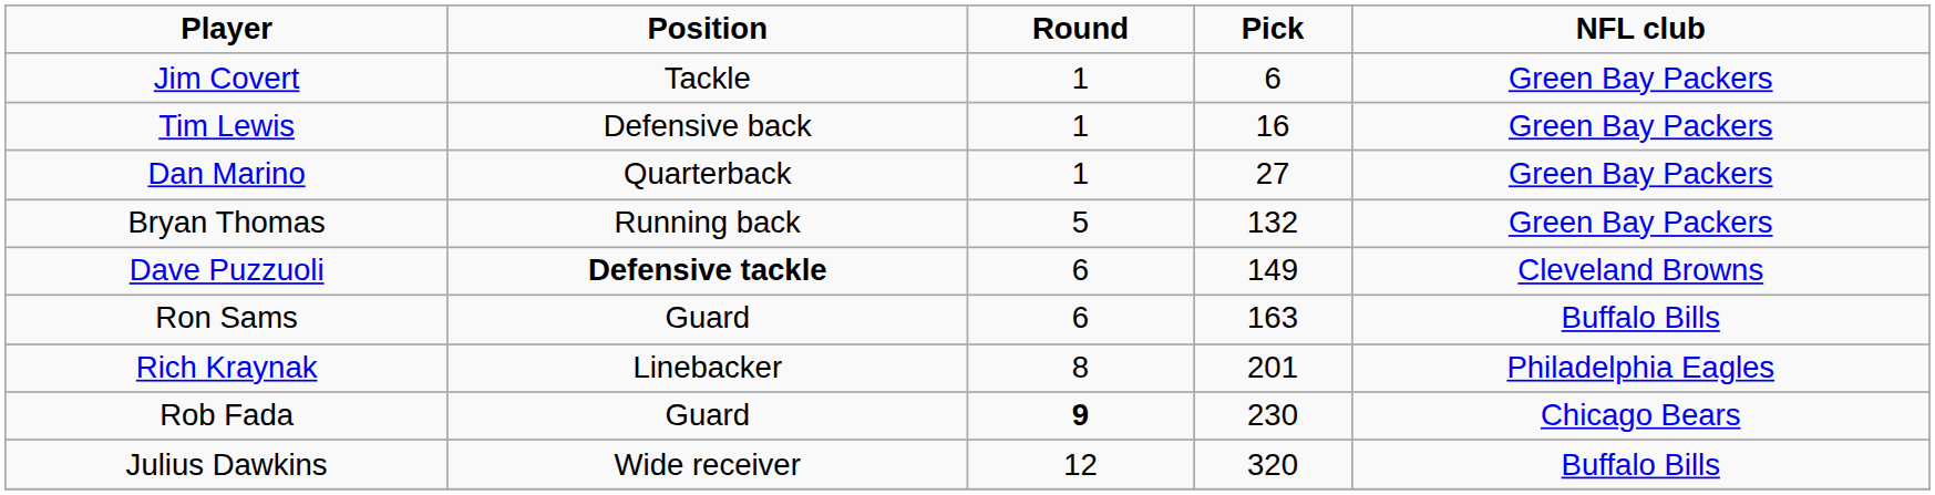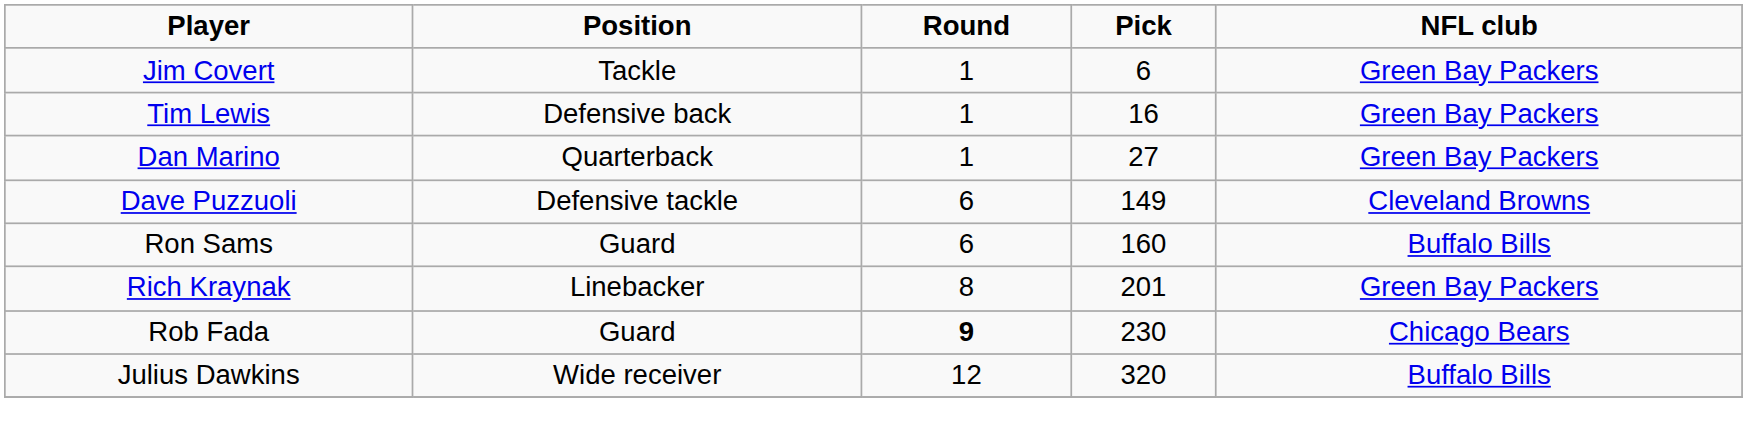 <table class="wikitable" width="80%">
 <tr align="center">
 <td><strong>Player</strong></td>
 <td><strong>Position</strong></td>
 <td><strong>Round</strong></td>
 <td><strong>Pick</strong></td>
 <td><strong>NFL club</strong></td>
 </tr>
 <tr align="center" bgcolor="">
 <td><a href='#'>Jim Covert</a></td>
 <td>Tackle</td>
 <td>1</td>
 <td>6</td>
 <td><a href='#'>Green Bay Packers</a></td>
 </tr>
 <tr align="center" bgcolor="">
 <td><a href='#'>Tim Lewis</a></td>
 <td>Defensive back</td>
 <td>1</td>
 <td>16</td>
 <td><a href='#'>Green Bay Packers</a></td>
 </tr>
 <tr align="center" bgcolor="">
 <td><a href='#'>Dan Marino</a></td>
 <td>Quarterback</td>
 <td>1</td>
 <td>27</td>
 <td><a href='#'>Green Bay Packers</a></td>
 </tr>
 <tr align="center" bgcolor="">
-<td>Bryan Thomas</td>
-<td>Running back</td>
-<td>5</td>
-<td>132</td>
-<td><a href='#'>Green Bay Packers</a></td>
-</tr>
-<tr align="center" bgcolor="">
 <td><a href='#'>Dave Puzzuoli</a></td>
-<td><strong>Defensive tackle</strong></td>
+<td>Defensive tackle</td>
 <td>6</td>
 <td>149</td>
 <td><a href='#'>Cleveland Browns</a></td>
 </tr>
 <tr align="center" bgcolor="">
 <td>Ron Sams</td>
 <td>Guard</td>
 <td>6</td>
-<td>163</td>
+<td>160</td>
 <td><a href='#'>Buffalo Bills</a></td>
 </tr>
 <tr align="center" bgcolor="">
 <td><a href='#'>Rich Kraynak</a></td>
 <td>Linebacker</td>
 <td>8</td>
 <td>201</td>
-<td><a href='#'>Philadelphia Eagles</a></td>
+<td><a href='#'>Green Bay Packers</a></td>
 </tr>
 <tr align="center" bgcolor="">
 <td>Rob Fada</td>
 <td>Guard</td>
 <td><strong>9</strong></td>
 <td>230</td>
 <td><a href='#'>Chicago Bears</a></td>
 </tr>
 <tr align="center" bgcolor="">
 <td>Julius Dawkins</td>
 <td>Wide receiver</td>
 <td>12</td>
 <td>320</td>
 <td><a href='#'>Buffalo Bills</a></td>
 </tr>
 <tr align="center" bgcolor="">
 </tr>
 </table>
